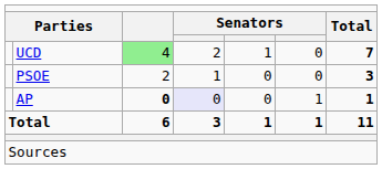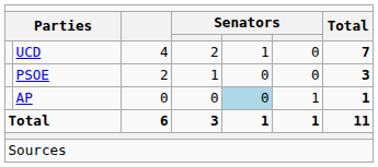 <table class="wikitable" style="font-size:97%; text-align:right;">
 <tr>
 <td colspan="7"></td>
 </tr>
 <tr>
 <th rowspan="2" colspan="2" width="100">Parties</th>
 <th rowspan="2" width="40"></th>
 <th colspan="3">Senators</th>
 <th rowspan="2" width="40">Total</th>
 </tr>
 <tr>
 <th width="40"></th>
 <th width="40"></th>
 <th width="40"></th>
 </tr>
 <tr>
 <td width="1"></td>
 <td align="left"><a href='#'>UCD</a></td>
-<td style="background: lightgreen;">4</td>
+<td>4</td>
 <td>2</td>
 <td>1</td>
 <td>0</td>
 <td><strong>7</strong></td>
 </tr>
 <tr>
 <td></td>
 <td align="left"><a href='#'>PSOE</a></td>
 <td>2</td>
 <td>1</td>
 <td>0</td>
 <td>0</td>
 <td><strong>3</strong></td>
 </tr>
 <tr>
 <td></td>
 <td align="left"><a href='#'>AP</a></td>
-<td><strong>0</strong></td>
-<td style="background: lavender;">0</td>
 <td>0</td>
+<td>0</td>
+<td style="background: lightblue;">0</td>
 <td>1</td>
 <td><strong>1</strong></td>
 </tr>
 <tr style="font-weight:bold;">
 <td align="left" colspan="2">Total</td>
 <td>6</td>
 <td>3</td>
 <td>1</td>
 <td>1</td>
 <td>11</td>
 </tr>
 <tr>
 <th colspan="7"></th>
 </tr>
 <tr>
 <th style="text-align:left; font-weight:normal; background:#F9F9F9" colspan="7">Sources</th>
 </tr>
 </table>
